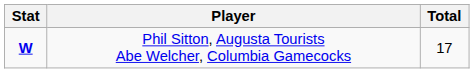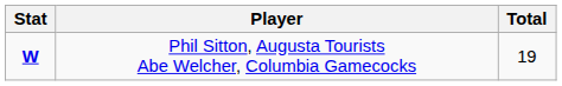 <table class="wikitable" width="40%" style="text-align:center;">
 <tr>
 <th width="5%">Stat</th>
 <th width="60%">Player</th>
 <th width="5%">Total</th>
 </tr>
 <tr>
 <td><strong><a href='#'>W</a></strong></td>
 <td><a href='#'>Phil Sitton</a>, <a href='#'>Augusta Tourists</a> <br> <a href='#'>Abe Welcher</a>, <a href='#'>Columbia Gamecocks</a></td>
-<td>17</td>
+<td>19</td>
 </tr>
 </table>
